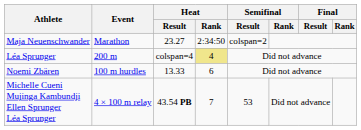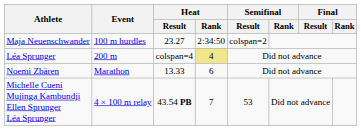 <table class="wikitable" style="font-size:90%">
 <tr>
 <th rowspan="2">Athlete</th>
 <th rowspan="2">Event</th>
 <th colspan="2">Heat</th>
 <th colspan="2">Semifinal</th>
 <th colspan="2">Final</th>
 </tr>
 <tr style="font-size:95%">
 <th>Result</th>
 <th>Rank</th>
 <th>Result</th>
 <th>Rank</th>
 <th>Result</th>
 <th>Rank</th>
 </tr>
 <tr align=center>
 <td align=left><a href='#'>Maja Neuenschwander</a></td>
-<td align=left><a href='#'>Marathon</a></td>
+<td align=left><a href='#'>100 m hurdles</a></td>
 <td>23.27</td>
 <td>2:34:50</td>
 <td>colspan=2 </td>
 </tr>
 <tr align=center>
 <td align=left><a href='#'>Léa Sprunger</a></td>
 <td align=left><a href='#'>200 m</a></td>
 <td>colspan=4 </td>
 <td style="background: khaki;">4</td>
 <td colspan=4>Did not advance</td>
 </tr>
 <tr align=center>
 <td align=left><a href='#'>Noemi Zbären</a></td>
-<td align=left><a href='#'>100 m hurdles</a></td>
+<td align=left><a href='#'>Marathon</a></td>
 <td>13.33</td>
 <td>6</td>
 <td colspan=4>Did not advance</td>
 </tr>
 <tr align=center>
 <td align=left><a href='#'>Michelle Cueni</a><br><a href='#'>Mujinga Kambundji</a><br><a href='#'>Ellen Sprunger</a><br><a href='#'>Léa Sprunger</a></td>
 <td align=left><a href='#'>4 × 100 m relay</a></td>
 <td>43.54 <strong>PB</strong></td>
 <td>7</td>
 <td>53</td>
 <td colspan=2>Did not advance</td>
 </tr>
 </table>
